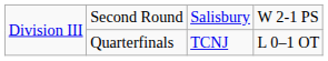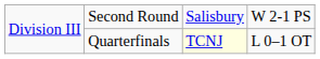 <table class="wikitable">
 <tr>
 <td rowspan="2"><a href='#'>Division III</a></td>
 <td>Second Round</td>
 <td><a href='#'>Salisbury</a></td>
 <td>W 2-1 PS</td>
 </tr>
 <tr>
 <td>Quarterfinals</td>
-<td><a href='#'>TCNJ</a></td>
+<td style="background: lightyellow;"><a href='#'>TCNJ</a></td>
 <td>L 0–1 OT</td>
 </tr>
 </table>
